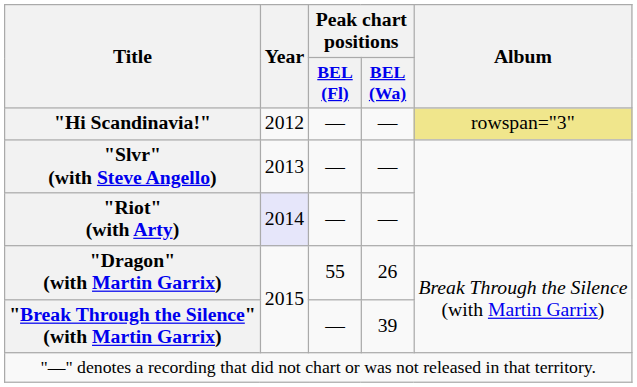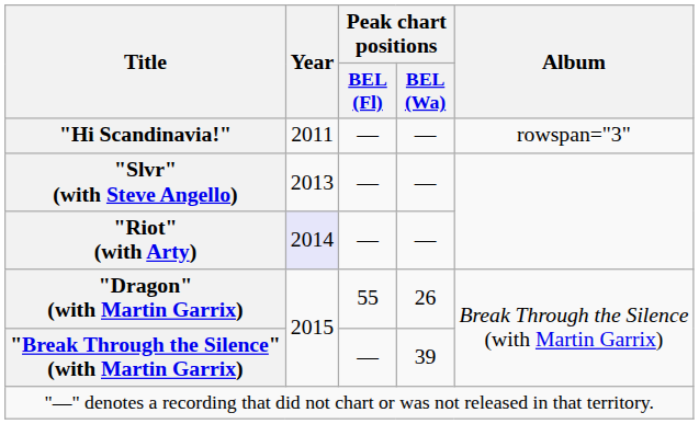 <table class="wikitable plainrowheaders" style="text-align:center;">
 <tr>
 <th scope="col" rowspan="2">Title</th>
 <th scope="col" rowspan="2">Year</th>
 <th scope="col" colspan="2">Peak chart positions</th>
 <th scope="col" rowspan="2">Album</th>
 </tr>
 <tr>
 <th scope="col" style="width:2.5em;font-size:90%;"><a href='#'>BEL (Fl)</a><br></th>
 <th scope="col" style="width:2.5em;font-size:90%;"><a href='#'>BEL (Wa)</a><br></th>
 </tr>
 <tr>
 <th scope="row">"Hi Scandinavia!"</th>
-<td>2012</td>
+<td>2011</td>
 <td>—</td>
 <td>—</td>
-<td style="background: khaki;">rowspan="3" </td>
+<td>rowspan="3" </td>
 </tr>
 <tr>
 <th scope="row">"Slvr" <br><span>(with <a href='#'>Steve Angello</a>)</span></th>
 <td>2013</td>
 <td>—</td>
 <td>—</td>
 </tr>
 <tr>
 <th scope="row">"Riot" <br><span>(with <a href='#'>Arty</a>)</span></th>
 <td style="background: lavender;">2014</td>
 <td>—</td>
 <td>—</td>
 </tr>
 <tr>
 <th scope="row">"Dragon" <br><span>(with <a href='#'>Martin Garrix</a>)</span></th>
 <td rowspan="2">2015</td>
 <td>55</td>
 <td>26</td>
 <td rowspan="2"><em>Break Through the Silence</em><br><span>(with <a href='#'>Martin Garrix</a>)</span></td>
 </tr>
 <tr>
 <th scope="row">"<a href='#'>Break Through the Silence</a>" <br><span>(with <a href='#'>Martin Garrix</a>)</span></th>
 <td>—</td>
 <td>39</td>
 </tr>
 <tr>
 <td colspan="5" style="font-size:90%">"—" denotes a recording that did not chart or was not released in that territory.</td>
 </tr>
 </table>
